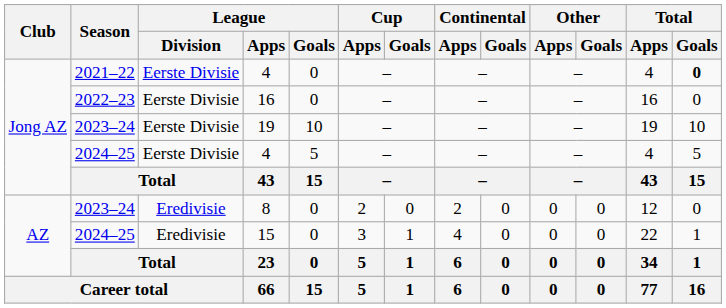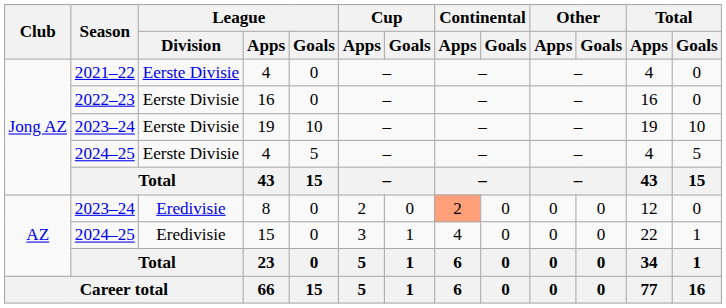 <table class="wikitable" style="text-align:center">
 <tr>
 <th rowspan="2">Club</th>
 <th rowspan="2">Season</th>
 <th colspan="3">League</th>
 <th colspan="2">Cup</th>
 <th colspan="2">Continental</th>
 <th colspan="2">Other</th>
 <th colspan="2">Total</th>
 </tr>
 <tr>
 <th>Division</th>
 <th>Apps</th>
 <th>Goals</th>
 <th>Apps</th>
 <th>Goals</th>
 <th>Apps</th>
 <th>Goals</th>
 <th>Apps</th>
 <th>Goals</th>
 <th>Apps</th>
 <th>Goals</th>
 </tr>
 <tr>
 <td rowspan="5"><a href='#'>Jong AZ</a></td>
 <td><a href='#'>2021–22</a></td>
 <td><a href='#'>Eerste Divisie</a></td>
 <td>4</td>
 <td>0</td>
 <td colspan="2">–</td>
 <td colspan="2">–</td>
 <td colspan="2">–</td>
 <td>4</td>
-<td><strong>0</strong></td>
+<td>0</td>
 </tr>
 <tr>
 <td><a href='#'>2022–23</a></td>
 <td>Eerste Divisie</td>
 <td>16</td>
 <td>0</td>
 <td colspan="2">–</td>
 <td colspan="2">–</td>
 <td colspan="2">–</td>
 <td>16</td>
 <td>0</td>
 </tr>
 <tr>
 <td><a href='#'>2023–24</a></td>
 <td>Eerste Divisie</td>
 <td>19</td>
 <td>10</td>
 <td colspan="2">–</td>
 <td colspan="2">–</td>
 <td colspan="2">–</td>
 <td>19</td>
 <td>10</td>
 </tr>
 <tr>
 <td><a href='#'>2024–25</a></td>
 <td>Eerste Divisie</td>
 <td>4</td>
 <td>5</td>
 <td colspan="2">–</td>
 <td colspan="2">–</td>
 <td colspan="2">–</td>
 <td>4</td>
 <td>5</td>
 </tr>
 <tr>
 <th colspan="2">Total</th>
 <th>43</th>
 <th>15</th>
 <th colspan="2">–</th>
 <th colspan="2">–</th>
 <th colspan="2">–</th>
 <th>43</th>
 <th>15</th>
 </tr>
 <tr>
 <td rowspan="3"><a href='#'>AZ</a></td>
 <td><a href='#'>2023–24</a></td>
 <td><a href='#'>Eredivisie</a></td>
 <td>8</td>
 <td>0</td>
 <td>2</td>
 <td>0</td>
-<td>2</td>
+<td style="background: lightsalmon;">2</td>
 <td>0</td>
 <td>0</td>
 <td>0</td>
 <td>12</td>
 <td>0</td>
 </tr>
 <tr>
 <td><a href='#'>2024–25</a></td>
 <td>Eredivisie</td>
 <td>15</td>
 <td>0</td>
 <td>3</td>
 <td>1</td>
 <td>4</td>
 <td>0</td>
 <td>0</td>
 <td>0</td>
 <td>22</td>
 <td>1</td>
 </tr>
 <tr>
 <th colspan="2">Total</th>
 <th>23</th>
 <th>0</th>
 <th>5</th>
 <th>1</th>
 <th>6</th>
 <th>0</th>
 <th>0</th>
 <th>0</th>
 <th>34</th>
 <th>1</th>
 </tr>
 <tr>
 <th colspan="3">Career total</th>
 <th>66</th>
 <th>15</th>
 <th>5</th>
 <th>1</th>
 <th>6</th>
 <th>0</th>
 <th>0</th>
 <th>0</th>
 <th>77</th>
 <th>16</th>
 </tr>
 </table>
